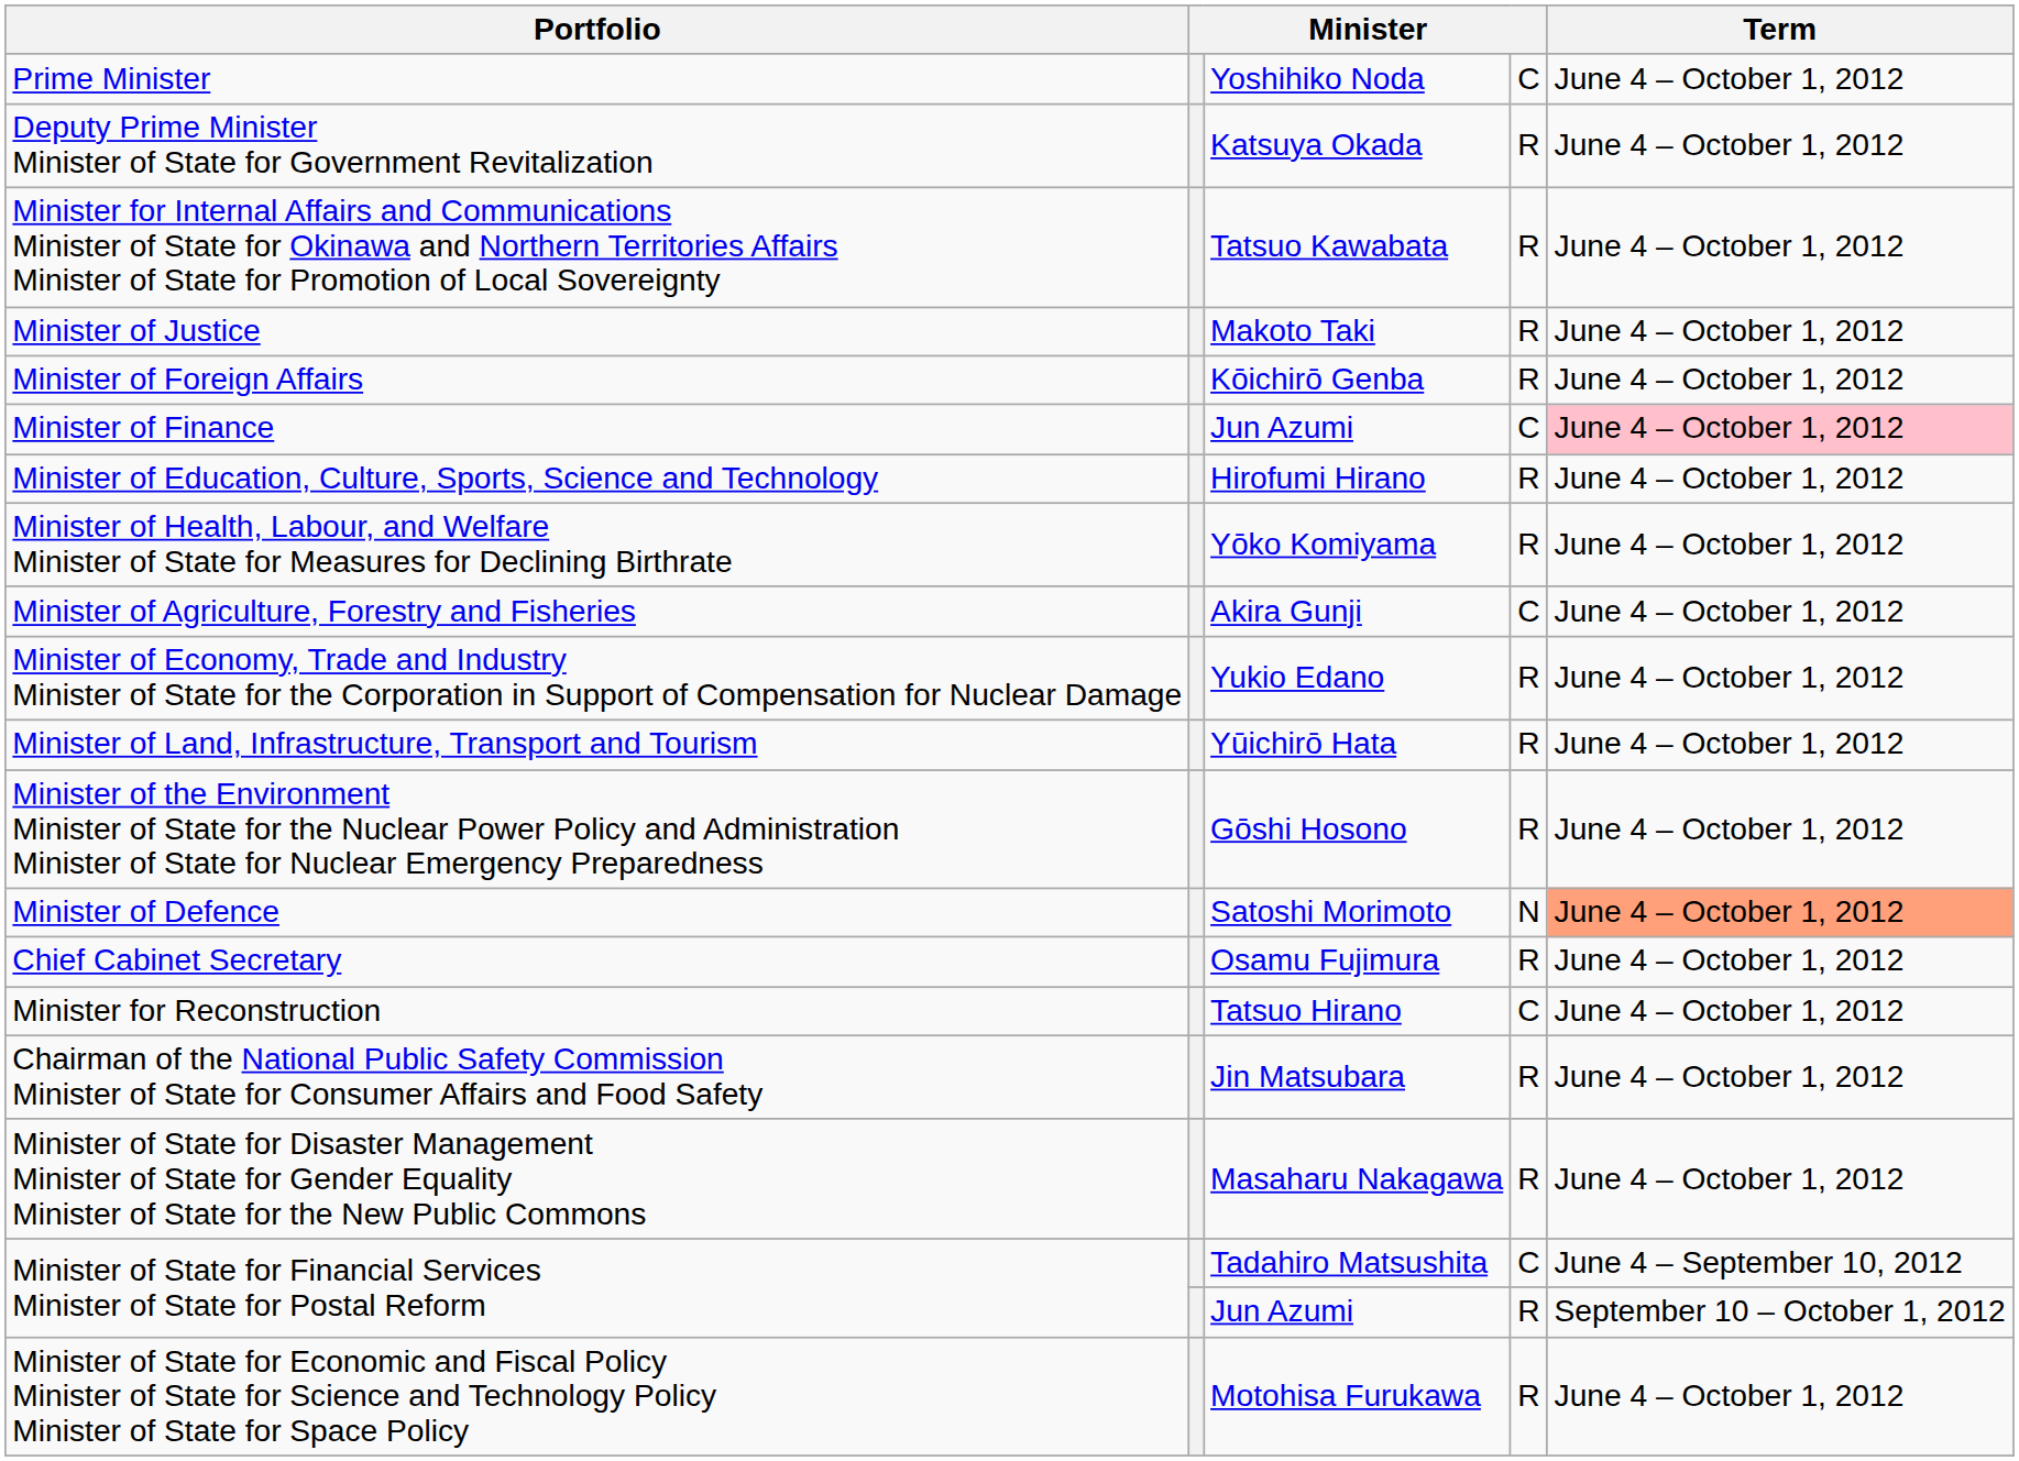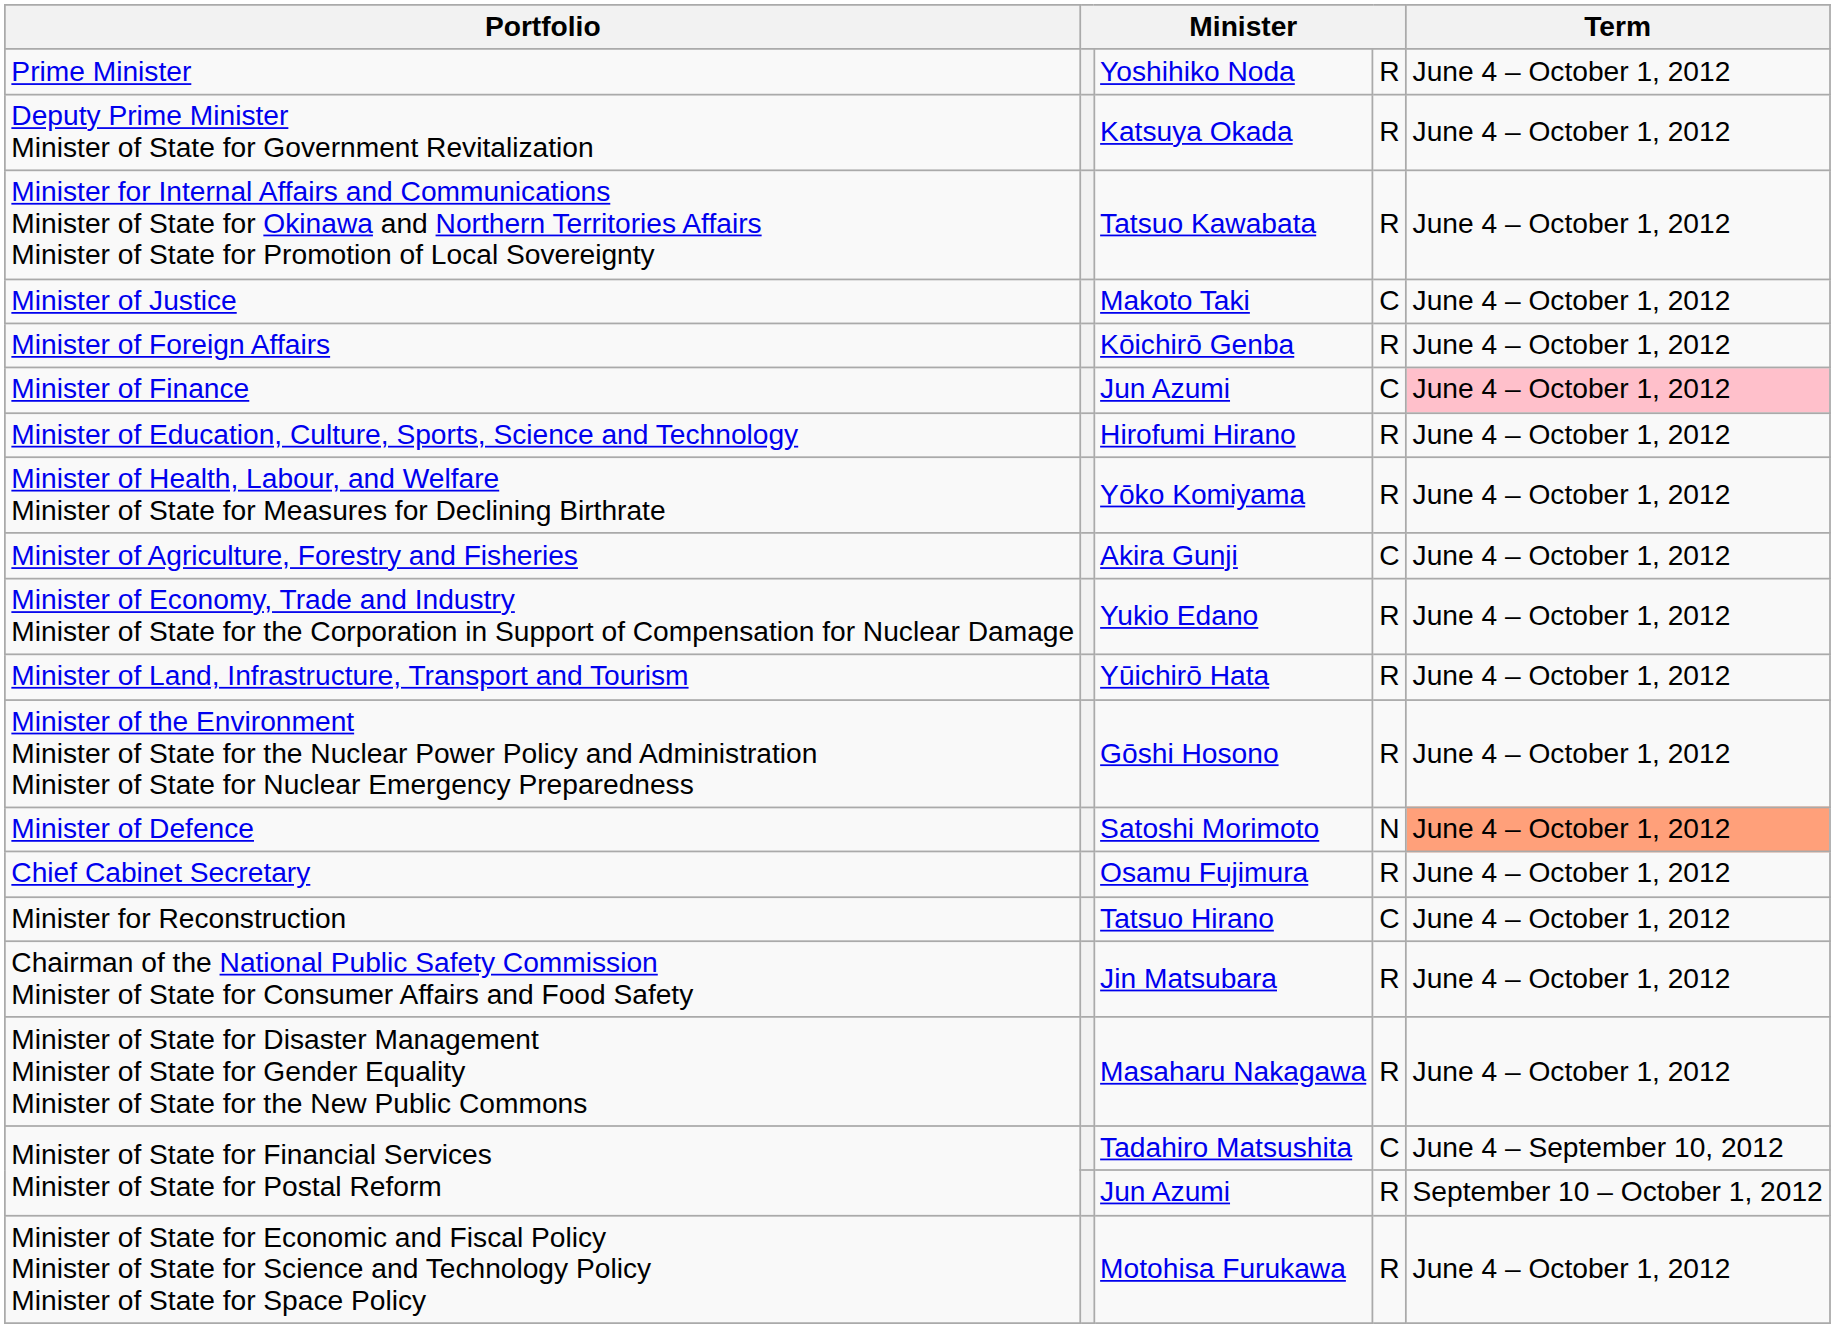 <table class="wikitable">
 <tr>
 <th>Portfolio</th>
 <th colspan=3>Minister</th>
 <th colspan=2>Term</th>
 </tr>
 <tr>
 <td><a href='#'>Prime Minister</a></td>
 <th style="color:inherit;background-color: "></th>
 <td><a href='#'>Yoshihiko Noda</a></td>
-<td>C</td>
+<td>R</td>
 <td>June 4 – October 1, 2012</td>
 </tr>
 <tr>
 <td><a href='#'>Deputy Prime Minister</a> <br> Minister of State for Government Revitalization</td>
 <th style="color:inherit;background-color: "></th>
 <td><a href='#'>Katsuya Okada</a></td>
 <td>R</td>
 <td>June 4 – October 1, 2012</td>
 </tr>
 <tr>
 <td><a href='#'>Minister for Internal Affairs and Communications</a> <br> Minister of State for <a href='#'>Okinawa</a> and <a href='#'>Northern Territories Affairs</a> <br>Minister of State for Promotion of Local Sovereignty</td>
 <th style="color:inherit;background-color: "></th>
 <td><a href='#'>Tatsuo Kawabata</a></td>
 <td>R</td>
 <td>June 4 – October 1, 2012</td>
 </tr>
 <tr>
 <td><a href='#'>Minister of Justice</a></td>
 <th style="color:inherit;background-color: "></th>
 <td><a href='#'>Makoto Taki</a></td>
-<td>R</td>
+<td>C</td>
 <td>June 4 – October 1, 2012</td>
 </tr>
 <tr>
 <td><a href='#'>Minister of Foreign Affairs</a></td>
 <th style="color:inherit;background-color: "></th>
 <td><a href='#'>Kōichirō Genba</a></td>
 <td>R</td>
 <td>June 4 – October 1, 2012</td>
 </tr>
 <tr>
 <td><a href='#'>Minister of Finance</a></td>
 <th style="color:inherit;background-color: "></th>
 <td><a href='#'>Jun Azumi</a></td>
 <td>C</td>
 <td style="background: pink;">June 4 – October 1, 2012</td>
 </tr>
 <tr>
 <td><a href='#'>Minister of Education, Culture, Sports, Science and Technology</a></td>
 <th style="color:inherit;background-color: "></th>
 <td><a href='#'>Hirofumi Hirano</a></td>
 <td>R</td>
 <td>June 4 – October 1, 2012</td>
 </tr>
 <tr>
 <td><a href='#'>Minister of Health, Labour, and Welfare</a> <br> Minister of State for Measures for Declining Birthrate</td>
 <th style="color:inherit;background-color: "></th>
 <td><a href='#'>Yōko Komiyama</a></td>
 <td>R</td>
 <td>June 4 – October 1, 2012</td>
 </tr>
 <tr>
 <td><a href='#'>Minister of Agriculture, Forestry and Fisheries</a></td>
 <th style="color:inherit;background-color: "></th>
 <td><a href='#'>Akira Gunji</a></td>
 <td>C</td>
 <td>June 4 – October 1, 2012</td>
 </tr>
 <tr>
 <td><a href='#'>Minister of Economy, Trade and Industry</a> <br> Minister of State for the Corporation in Support of Compensation for Nuclear Damage</td>
 <th style="color:inherit;background-color: "></th>
 <td><a href='#'>Yukio Edano</a></td>
 <td>R</td>
 <td>June 4 – October 1, 2012</td>
 </tr>
 <tr>
 <td><a href='#'>Minister of Land, Infrastructure, Transport and Tourism</a></td>
 <th style="color:inherit;background-color: "></th>
 <td><a href='#'>Yūichirō Hata</a></td>
 <td>R</td>
 <td>June 4 – October 1, 2012</td>
 </tr>
 <tr>
 <td><a href='#'>Minister of the Environment</a> <br> Minister of State for the Nuclear Power Policy and Administration <br> Minister of State for Nuclear Emergency Preparedness</td>
 <th style="color:inherit;background-color: "></th>
 <td><a href='#'>Gōshi Hosono</a></td>
 <td>R</td>
 <td>June 4 – October 1, 2012</td>
 </tr>
 <tr>
 <td><a href='#'>Minister of Defence</a></td>
 <th style="color:inherit;background-color: "></th>
 <td><a href='#'>Satoshi Morimoto</a></td>
 <td>N</td>
 <td style="background: lightsalmon;">June 4 – October 1, 2012</td>
 </tr>
 <tr>
 <td><a href='#'>Chief Cabinet Secretary</a></td>
 <th style="color:inherit;background-color: "></th>
 <td><a href='#'>Osamu Fujimura</a></td>
 <td>R</td>
 <td>June 4 – October 1, 2012</td>
 </tr>
 <tr>
 <td>Minister for Reconstruction</td>
 <th style="color:inherit;background-color: "></th>
 <td><a href='#'>Tatsuo Hirano</a></td>
 <td>C</td>
 <td>June 4 – October 1, 2012</td>
 </tr>
 <tr>
 <td>Chairman of the <a href='#'>National Public Safety Commission</a> <br> Minister of State for Consumer Affairs and Food Safety</td>
 <th style="color:inherit;background-color: "></th>
 <td><a href='#'>Jin Matsubara</a></td>
 <td>R</td>
 <td>June 4 – October 1, 2012</td>
 </tr>
 <tr>
 <td>Minister of State for Disaster Management <br> Minister of State for Gender Equality <br> Minister of State for the New Public Commons</td>
 <th style="color:inherit;background-color: "></th>
 <td><a href='#'>Masaharu Nakagawa</a></td>
 <td>R</td>
 <td>June 4 – October 1, 2012</td>
 </tr>
 <tr>
 <td rowspan="2">Minister of State for Financial Services <br> Minister of State for Postal Reform</td>
 <th style="color:inherit;background-color: "></th>
 <td><a href='#'>Tadahiro Matsushita</a></td>
 <td>C</td>
 <td>June 4 – September 10, 2012</td>
 </tr>
 <tr>
 <th style="color:inherit;background-color: "></th>
 <td><a href='#'>Jun Azumi</a></td>
 <td>R</td>
 <td>September 10 – October 1, 2012</td>
 </tr>
 <tr>
 <td>Minister of State for Economic and Fiscal Policy <br> Minister of State for Science and Technology Policy <br> Minister of State for Space Policy</td>
 <th style="color:inherit;background-color: "></th>
 <td><a href='#'>Motohisa Furukawa</a></td>
 <td>R</td>
 <td>June 4 – October 1, 2012</td>
 </tr>
 </table>
